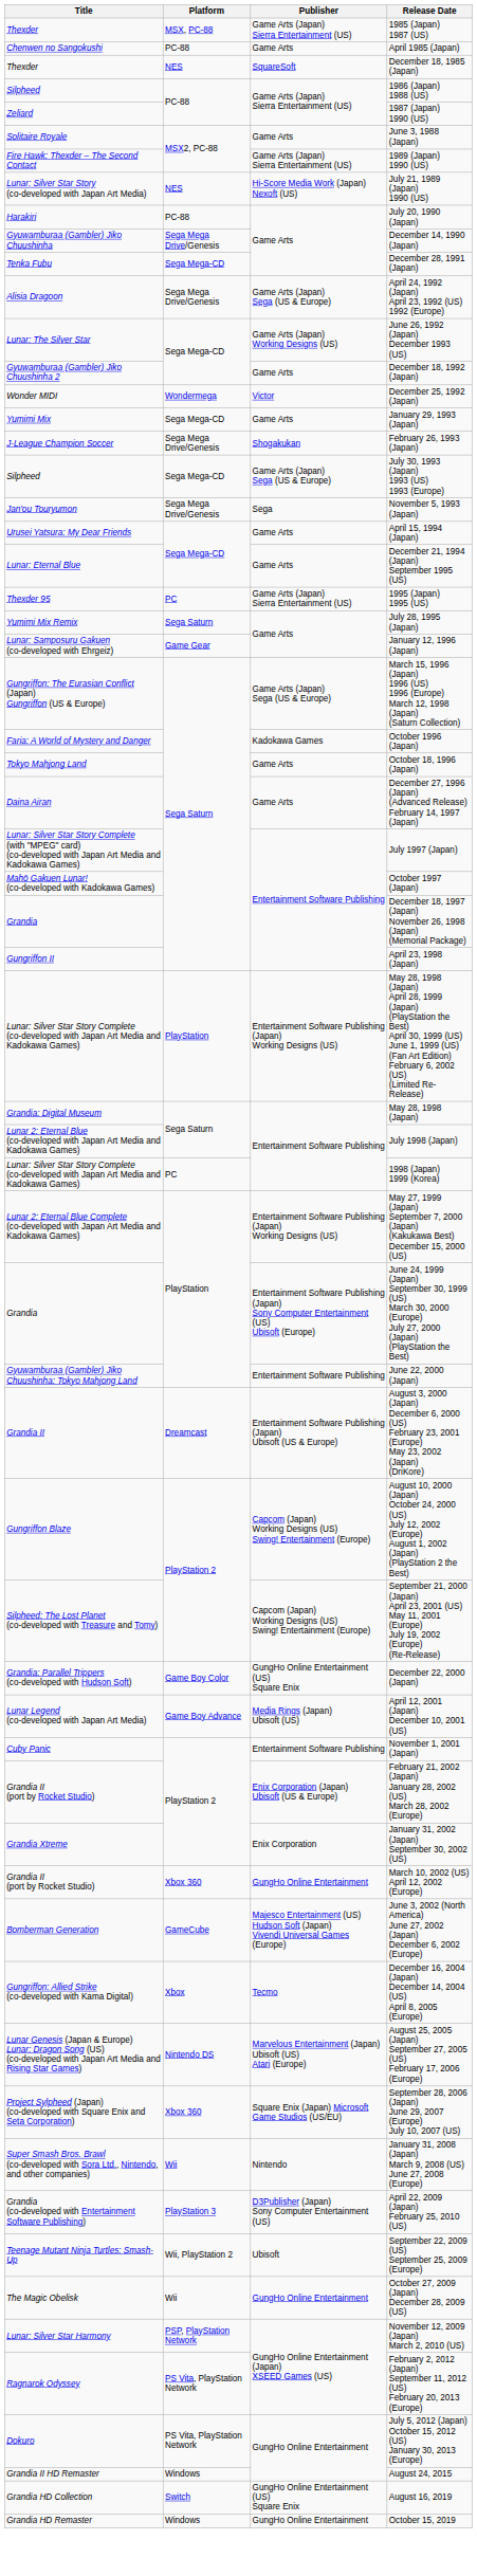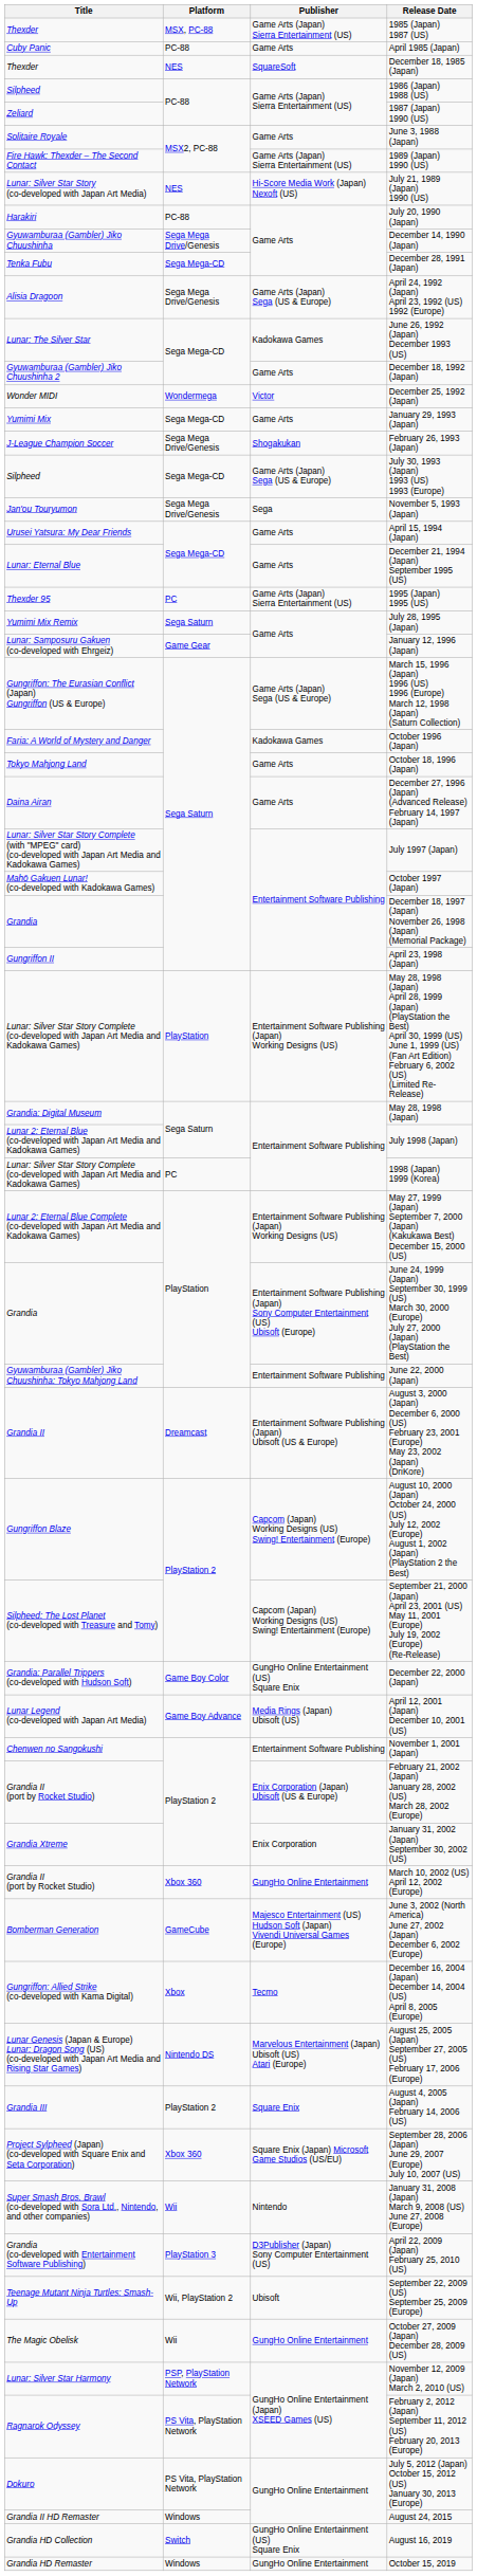 <table class="wikitable">
 <tr>
 <th>Title</th>
 <th>Platform</th>
 <th>Publisher</th>
 <th>Release Date</th>
 </tr>
 <tr>
 <td><em><a href='#'>Thexder</a></em></td>
 <td><a href='#'>MSX</a>, <a href='#'>PC-88</a></td>
 <td>Game Arts (Japan)<br><a href='#'>Sierra Entertainment</a> (US)</td>
 <td>1985 (Japan)<br>1987 (US)</td>
 </tr>
 <tr>
-<td><em><a href='#'>Chenwen no Sangokushi</a></em></td>
+<td><em><a href='#'>Cuby Panic</a></em></td>
 <td>PC-88</td>
 <td>Game Arts</td>
 <td>April 1985 (Japan)</td>
 </tr>
 <tr>
 <td><em>Thexder</em></td>
 <td><a href='#'>NES</a></td>
 <td><a href='#'>SquareSoft</a></td>
 <td>December 18, 1985 (Japan)</td>
 </tr>
 <tr Pete The Flying Cat 3 (1989) Arcade PC Sega Master System MSX>
 <td><em><a href='#'>Silpheed</a></em></td>
 <td rowspan="2">PC-88</td>
 <td rowspan="2">Game Arts (Japan)<br>Sierra Entertainment (US)</td>
 <td>1986 (Japan)<br>1988 (US)</td>
 </tr>
 <tr>
 <td><em><a href='#'>Zeliard</a></em></td>
 <td>1987 (Japan)<br>1990 (US)</td>
 </tr>
 <tr>
 <td><em><a href='#'>Solitaire Royale</a></em></td>
 <td rowspan="2"><a href='#'>MSX</a>2, PC-88</td>
 <td>Game Arts</td>
 <td>June 3, 1988 (Japan)</td>
 </tr>
 <tr>
 <td><em><a href='#'>Fire Hawk: Thexder – The Second Contact</a></em></td>
 <td>Game Arts (Japan)<br>Sierra Entertainment (US)</td>
 <td>1989 (Japan)<br>1990 (US)</td>
 </tr>
 <tr>
 <td><em><a href='#'>Lunar: Silver Star Story</a></em> <br>(co-developed with Japan Art Media)</td>
 <td><a href='#'>NES</a></td>
 <td><a href='#'>Hi-Score Media Work</a> (Japan)<br><a href='#'>Nexoft</a> (US)</td>
 <td>July 21, 1989 (Japan)<br>1990 (US)</td>
 </tr>
 <tr>
 <td><em><a href='#'>Harakiri</a></em></td>
 <td>PC-88</td>
 <td rowspan="3">Game Arts</td>
 <td>July 20, 1990 (Japan)<br></td>
 </tr>
 <tr>
 <td><em><a href='#'>Gyuwamburaa (Gambler) Jiko Chuushinha</a></em></td>
 <td><a href='#'>Sega Mega Drive</a>/Genesis</td>
 <td>December 14, 1990 (Japan)</td>
 </tr>
 <tr>
 <td><em><a href='#'>Tenka Fubu</a></em></td>
 <td><a href='#'>Sega Mega-CD</a></td>
 <td>December 28, 1991 (Japan)</td>
 </tr>
 <tr>
 <td><em><a href='#'>Alisia Dragoon</a></em></td>
 <td>Sega Mega Drive/Genesis</td>
 <td>Game Arts (Japan)<br><a href='#'>Sega</a> (US & Europe)</td>
 <td>April 24, 1992 (Japan)<br>April 23, 1992 (US)<br>1992 (Europe)</td>
 </tr>
 <tr>
 <td><em><a href='#'>Lunar: The Silver Star</a></em></td>
 <td rowspan="2">Sega Mega-CD</td>
-<td>Game Arts (Japan)<br><a href='#'>Working Designs</a> (US)</td>
+<td>Kadokawa Games</td>
 <td>June 26, 1992 (Japan)<br>December 1993 (US)</td>
 </tr>
 <tr>
 <td><em><a href='#'>Gyuwamburaa (Gambler) Jiko Chuushinha 2</a></em></td>
 <td>Game Arts</td>
 <td>December 18, 1992 (Japan)</td>
 </tr>
 <tr>
 <td><em>Wonder MIDI</em></td>
 <td><a href='#'>Wondermega</a></td>
 <td><a href='#'>Victor</a></td>
 <td>December 25, 1992 (Japan)</td>
 </tr>
 <tr>
 <td><em><a href='#'>Yumimi Mix</a></em></td>
 <td>Sega Mega-CD</td>
 <td>Game Arts</td>
 <td>January 29, 1993 (Japan)</td>
 </tr>
 <tr>
 <td><em><a href='#'>J-League Champion Soccer</a></em></td>
 <td>Sega Mega Drive/Genesis</td>
 <td><a href='#'>Shogakukan</a></td>
 <td>February 26, 1993 (Japan)</td>
 </tr>
 <tr>
 <td><em>Silpheed</em></td>
 <td>Sega Mega-CD</td>
 <td>Game Arts (Japan)<br><a href='#'>Sega</a> (US & Europe)</td>
 <td>July 30, 1993 (Japan)<br>1993 (US)<br>1993 (Europe)</td>
 </tr>
 <tr>
 <td><em><a href='#'>Jan'ou Touryumon</a></em></td>
 <td>Sega Mega Drive/Genesis</td>
 <td>Sega</td>
 <td>November 5, 1993 (Japan)</td>
 </tr>
 <tr>
 <td><em><a href='#'>Urusei Yatsura: My Dear Friends</a></em></td>
 <td rowspan="2"><a href='#'>Sega Mega-CD</a></td>
 <td>Game Arts</td>
 <td>April 15, 1994 (Japan)</td>
 </tr>
 <tr>
 <td><em><a href='#'>Lunar: Eternal Blue</a></em></td>
 <td>Game Arts</td>
 <td>December 21, 1994 (Japan)<br>September 1995 (US)</td>
 </tr>
 <tr>
 <td><em><a href='#'>Thexder 95</a></em></td>
 <td><a href='#'>PC</a></td>
 <td>Game Arts (Japan)<br>Sierra Entertainment (US)</td>
 <td>1995 (Japan)<br>1995 (US)</td>
 </tr>
 <tr>
 <td><em><a href='#'>Yumimi Mix Remix</a></em></td>
 <td><a href='#'>Sega Saturn</a></td>
 <td rowspan="2">Game Arts</td>
 <td>July 28, 1995 (Japan)</td>
 </tr>
 <tr>
 <td><em><a href='#'>Lunar: Samposuru Gakuen</a></em> <br>(co-developed with Ehrgeiz)</td>
 <td><a href='#'>Game Gear</a></td>
 <td>January 12, 1996 (Japan)</td>
 </tr>
 <tr>
 <td><em><a href='#'>Gungriffon: The Eurasian Conflict</a></em> (Japan)<br><em><a href='#'>Gungriffon</a></em> (US & Europe)</td>
 <td rowspan="8"><a href='#'>Sega Saturn</a></td>
 <td>Game Arts (Japan)<br>Sega (US & Europe)</td>
 <td>March 15, 1996 (Japan)<br>1996 (US)<br>1996 (Europe)<br>March 12, 1998 (Japan)<br>(Saturn Collection)</td>
 </tr>
 <tr>
 <td><em><a href='#'>Faria: A World of Mystery and Danger</a></em></td>
 <td>Kadokawa Games</td>
 <td>October 1996 (Japan)</td>
 </tr>
 <tr>
 <td><em><a href='#'>Tokyo Mahjong Land</a></em></td>
 <td>Game Arts</td>
 <td>October 18, 1996 (Japan)</td>
 </tr>
 <tr>
 <td><em><a href='#'>Daina Airan</a></em></td>
 <td>Game Arts</td>
 <td>December 27, 1996 (Japan)<br>(Advanced Release)<br>February 14, 1997 (Japan)</td>
 </tr>
 <tr>
 <td><em><a href='#'>Lunar: Silver Star Story Complete</a></em><br>(with "MPEG" card) <br>(co-developed with Japan Art Media and Kadokawa Games)</td>
 <td rowspan="4"><a href='#'>Entertainment Software Publishing</a></td>
 <td>July 1997 (Japan)</td>
 </tr>
 <tr>
 <td><em><a href='#'>Mahō Gakuen Lunar!</a></em> <br>(co-developed with Kadokawa Games)</td>
 <td>October 1997 (Japan)</td>
 </tr>
 <tr>
 <td><em><a href='#'>Grandia</a></em></td>
 <td>December 18, 1997 (Japan)<br>November 26, 1998 (Japan)<br>(Memorial Package)</td>
 </tr>
 <tr>
 <td><em><a href='#'>Gungriffon II</a></em></td>
 <td>April 23, 1998 (Japan)</td>
 </tr>
 <tr>
 <td><em>Lunar: Silver Star Story Complete</em> <br>(co-developed with Japan Art Media and Kadokawa Games)</td>
 <td><a href='#'>PlayStation</a></td>
 <td>Entertainment Software Publishing (Japan)<br>Working Designs (US)</td>
 <td>May 28, 1998 (Japan)<br>April 28, 1999 (Japan)<br>(PlayStation the Best)<br>April 30, 1999 (US)<br>June 1, 1999 (US)<br>(Fan Art Edition)<br>February 6, 2002 (US)<br>(Limited Re-Release)</td>
 </tr>
 <tr>
 <td><em><a href='#'>Grandia: Digital Museum</a></em></td>
 <td rowspan="2">Sega Saturn</td>
 <td rowspan="3">Entertainment Software Publishing</td>
 <td>May 28, 1998 (Japan)</td>
 </tr>
 <tr>
 <td><em><a href='#'>Lunar 2: Eternal Blue</a></em> <br>(co-developed with Japan Art Media and Kadokawa Games)</td>
 <td>July 1998 (Japan)</td>
 </tr>
 <tr>
 <td><em>Lunar: Silver Star Story Complete</em> <br>(co-developed with Japan Art Media and Kadokawa Games)</td>
 <td>PC</td>
 <td>1998 (Japan)<br>1999 (Korea)</td>
 </tr>
 <tr>
 <td><em><a href='#'>Lunar 2: Eternal Blue Complete</a></em> <br>(co-developed with Japan Art Media and Kadokawa Games)</td>
 <td rowspan="3">PlayStation</td>
 <td>Entertainment Software Publishing (Japan)<br>Working Designs (US)</td>
 <td>May 27, 1999 (Japan)<br>September 7, 2000 (Japan)<br>(Kakukawa Best)<br>December 15, 2000 (US)</td>
 </tr>
 <tr>
 <td><em>Grandia</em></td>
 <td>Entertainment Software Publishing (Japan)<br><a href='#'>Sony Computer Entertainment</a> (US)<br><a href='#'>Ubisoft</a> (Europe)</td>
 <td>June 24, 1999 (Japan)<br>September 30, 1999 (US)<br>March 30, 2000 (Europe)<br>July 27, 2000 (Japan)<br>(PlayStation the Best)</td>
 </tr>
 <tr>
 <td><em><a href='#'>Gyuwamburaa (Gambler) Jiko Chuushinha: Tokyo Mahjong Land</a></em></td>
 <td>Entertainment Software Publishing</td>
 <td>June 22, 2000 (Japan)</td>
 </tr>
 <tr>
 <td><em><a href='#'>Grandia II</a></em></td>
 <td><a href='#'>Dreamcast</a></td>
 <td>Entertainment Software Publishing (Japan)<br>Ubisoft (US & Europe)</td>
 <td>August 3, 2000 (Japan)<br>December 6, 2000 (US)<br>February 23, 2001 (Europe)<br>May 23, 2002 (Japan)<br>(DriKore)</td>
 </tr>
 <tr>
 <td><em><a href='#'>Gungriffon Blaze</a></em></td>
 <td rowspan="2"><a href='#'>PlayStation 2</a></td>
 <td><a href='#'>Capcom</a> (Japan)<br>Working Designs (US)<br><a href='#'>Swing! Entertainment</a> (Europe)</td>
 <td>August 10, 2000 (Japan)<br>October 24, 2000 (US)<br>July 12, 2002 (Europe)<br>August 1, 2002 (Japan)<br>(PlayStation 2 the Best)</td>
 </tr>
 <tr>
 <td><em><a href='#'>Silpheed: The Lost Planet</a></em> <br>(co-developed with <a href='#'>Treasure</a> and <a href='#'>Tomy</a>)</td>
 <td>Capcom (Japan)<br>Working Designs (US)<br>Swing! Entertainment (Europe)</td>
 <td>September 21, 2000 (Japan)<br>April 23, 2001 (US)<br>May 11, 2001 (Europe)<br>July 19, 2002 (Europe)<br>(Re-Release)</td>
 </tr>
 <tr>
 <td><em><a href='#'>Grandia: Parallel Trippers</a></em><br>(co-developed with <a href='#'>Hudson Soft</a>)</td>
 <td><a href='#'>Game Boy Color</a></td>
 <td>GungHo Online Entertainment (US)<br>Square Enix</td>
 <td>December 22, 2000 (Japan)</td>
 </tr>
 <tr>
 <td><em><a href='#'>Lunar Legend</a></em><br>(co-developed with Japan Art Media)</td>
 <td><a href='#'>Game Boy Advance</a></td>
 <td><a href='#'>Media Rings</a> (Japan)<br>Ubisoft (US)</td>
 <td>April 12, 2001 (Japan)<br>December 10, 2001 (US)</td>
 </tr>
 <tr>
-<td><em><a href='#'>Cuby Panic</a></em></td>
+<td><em><a href='#'>Chenwen no Sangokushi</a></em></td>
 <td rowspan="3">PlayStation 2</td>
 <td>Entertainment Software Publishing</td>
 <td>November 1, 2001 (Japan)</td>
 </tr>
 <tr>
 <td><em>Grandia II</em> <br>(port by <a href='#'>Rocket Studio</a>)</td>
 <td><a href='#'>Enix Corporation</a> (Japan)<br><a href='#'>Ubisoft</a> (US & Europe)</td>
 <td>February 21, 2002 (Japan)<br>January 28, 2002 (US)<br>March 28, 2002 (Europe)</td>
 </tr>
 <tr>
 <td><em><a href='#'>Grandia Xtreme</a></em></td>
 <td>Enix Corporation</td>
 <td>January 31, 2002 (Japan)<br>September 30, 2002 (US)</td>
 </tr>
 <tr>
 <td><em>Grandia II</em> <br>(port by Rocket Studio)</td>
 <td><a href='#'>Xbox 360</a></td>
 <td><a href='#'>GungHo Online Entertainment</a></td>
 <td>March 10, 2002 (US)<br>April 12, 2002 (Europe)</td>
 </tr>
 <tr>
 <td><em><a href='#'>Bomberman Generation</a></em></td>
 <td><a href='#'>GameCube</a></td>
 <td><a href='#'>Majesco Entertainment</a> (US)<br><a href='#'>Hudson Soft</a> (Japan)<br><a href='#'>Vivendi Universal Games</a> (Europe)</td>
 <td>June 3, 2002 (North America)<br>June 27, 2002 (Japan)<br>December 6, 2002 (Europe)</td>
 </tr>
 <tr>
 <td><em><a href='#'>Gungriffon: Allied Strike</a></em><br>(co-developed with Kama Digital)</td>
 <td><a href='#'>Xbox</a></td>
 <td><a href='#'>Tecmo</a></td>
 <td>December 16, 2004 (Japan)<br>December 14, 2004 (US)<br>April 8, 2005 (Europe)</td>
 </tr>
 <tr>
 <td><em><a href='#'>Lunar Genesis</a></em> (Japan & Europe)<br><em><a href='#'>Lunar: Dragon Song</a></em> (US)<br>(co-developed with Japan Art Media and <a href='#'>Rising Star Games</a>)</td>
 <td><a href='#'>Nintendo DS</a></td>
 <td><a href='#'>Marvelous Entertainment</a> (Japan)<br>Ubisoft (US)<br><a href='#'>Atari</a> (Europe)</td>
 <td>August 25, 2005 (Japan)<br>September 27, 2005 (US)<br>February 17, 2006 (Europe)</td>
+</tr>
+<tr>
+<td><em><a href='#'>Grandia III</a></em></td>
+<td>PlayStation 2</td>
+<td><a href='#'>Square Enix</a></td>
+<td>August 4, 2005 (Japan)<br>February 14, 2006 (US)</td>
 </tr>
 <tr>
 <td><em><a href='#'>Project Sylpheed</a></em> (Japan)<br>(co-developed with Square Enix and <a href='#'>Seta Corporation</a>)</td>
 <td><a href='#'>Xbox 360</a></td>
 <td>Square Enix (Japan) <a href='#'>Microsoft Game Studios</a> (US/EU)</td>
 <td>September 28, 2006 (Japan)<br>June 29, 2007 (Europe)<br>July 10, 2007 (US)</td>
 </tr>
 <tr>
 <td><em><a href='#'>Super Smash Bros. Brawl</a></em> <br>(co-developed with <a href='#'>Sora Ltd.</a>, <a href='#'>Nintendo</a>, and other companies)</td>
 <td><a href='#'>Wii</a></td>
 <td>Nintendo</td>
 <td>January 31, 2008 (Japan)<br>March 9, 2008 (US)<br>June 27, 2008 (Europe)</td>
 </tr>
 <tr>
 <td><em>Grandia</em> <br> (co-developed with <a href='#'>Entertainment Software Publishing</a>)</td>
 <td><a href='#'>PlayStation 3</a></td>
 <td><a href='#'>D3Publisher</a> (Japan)<br>Sony Computer Entertainment (US)</td>
 <td>April 22, 2009 (Japan)<br>February 25, 2010 (US)</td>
 </tr>
 <tr>
 <td><em><a href='#'>Teenage Mutant Ninja Turtles: Smash-Up</a></em> </td>
 <td>Wii, PlayStation 2</td>
 <td>Ubisoft</td>
 <td>September 22, 2009 (US)<br>September 25, 2009 (Europe)</td>
 </tr>
 <tr>
 <td><em>The Magic Obelisk</em></td>
 <td>Wii</td>
 <td><a href='#'>GungHo Online Entertainment</a></td>
 <td>October 27, 2009 (Japan)<br>December 28, 2009 (US)</td>
 </tr>
 <tr>
 <td><em><a href='#'>Lunar: Silver Star Harmony</a></em></td>
 <td><a href='#'>PSP</a>, <a href='#'>PlayStation Network</a></td>
 <td rowspan="2">GungHo Online Entertainment (Japan)<br><a href='#'>XSEED Games</a> (US)</td>
 <td>November 12, 2009 (Japan)<br>March 2, 2010 (US)</td>
 </tr>
 <tr>
 <td><em><a href='#'>Ragnarok Odyssey</a></em></td>
 <td><a href='#'>PS Vita</a>, PlayStation Network</td>
 <td>February 2, 2012 (Japan)<br>September 11, 2012 (US)<br>February 20, 2013 (Europe)</td>
 </tr>
 <tr>
 <td><em><a href='#'>Dokuro</a></em></td>
 <td>PS Vita, PlayStation Network</td>
 <td rowspan="2">GungHo Online Entertainment</td>
 <td>July 5, 2012 (Japan)<br>October 15, 2012 (US)<br>January 30, 2013 (Europe)</td>
 </tr>
 <tr>
 <td><em>Grandia II HD Remaster</em></td>
 <td>Windows</td>
 <td>August 24, 2015</td>
 </tr>
 <tr>
 <td><em>Grandia HD Collection</em></td>
 <td><a href='#'>Switch</a></td>
 <td>GungHo Online Entertainment (US)<br>Square Enix</td>
 <td>August 16, 2019</td>
 </tr>
 <tr>
 <td><em>Grandia</em> <em>HD Remaster</em></td>
 <td>Windows</td>
 <td>GungHo Online Entertainment</td>
 <td>October 15, 2019</td>
 </tr>
 </table>
